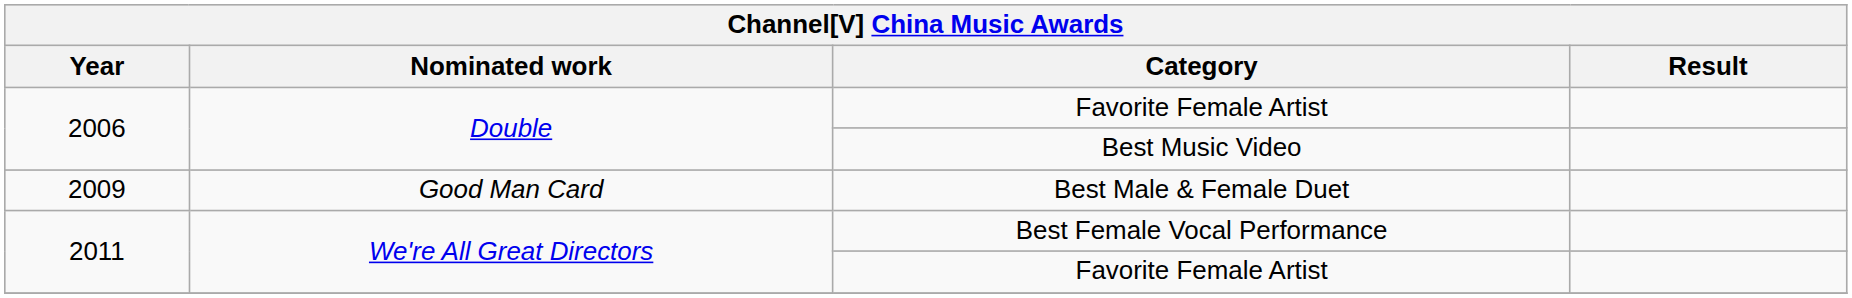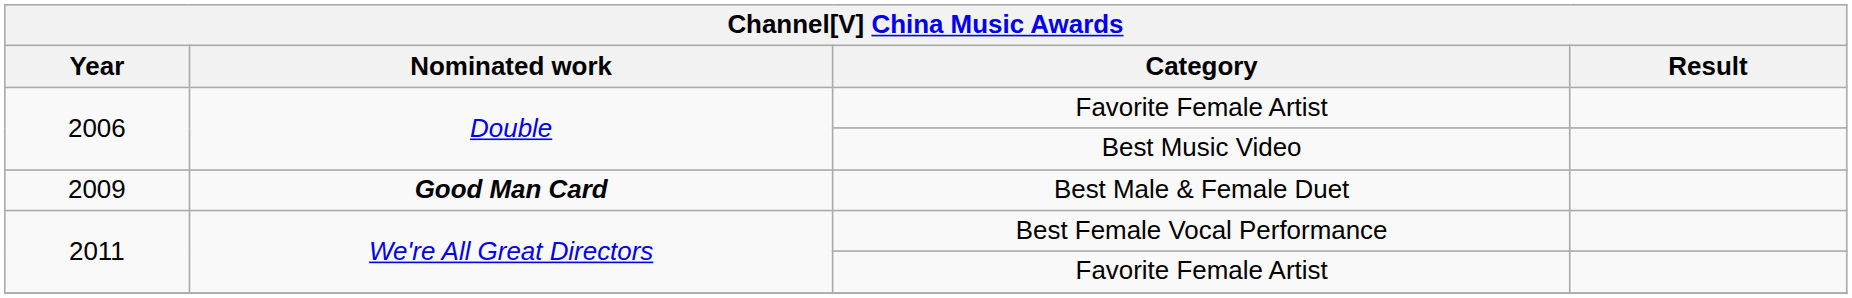 <table width="90%" class="wikitable">
 <tr>
 <th colspan="4" align="center">Channel[V] <a href='#'>China Music Awards</a></th>
 </tr>
 <tr>
 <th width="10%">Year</th>
 <th width="35%">Nominated work</th>
 <th width="40%">Category</th>
 <th width="15%">Result</th>
 </tr>
 <tr>
 <td align="center" rowspan=2>2006</td>
 <td align="center" rowspan=2><em><a href='#'>Double</a></em></td>
 <td align="center">Favorite Female Artist</td>
 <td></td>
 </tr>
 <tr>
 <td align="center">Best Music Video</td>
 <td></td>
 </tr>
 <tr>
 <td align="center">2009</td>
-<td align="center"><em>Good Man Card</em></td>
+<td align="center"><strong><em>Good Man Card</em></strong></td>
 <td align="center">Best Male & Female Duet</td>
 <td></td>
 </tr>
 <tr>
 <td align="center" rowspan=2>2011</td>
 <td align="center" rowspan=2><em><a href='#'>We're All Great Directors</a></em></td>
 <td align="center">Best Female Vocal Performance</td>
 <td></td>
 </tr>
 <tr>
 <td align="center">Favorite Female Artist</td>
 <td></td>
 </tr>
 <tr>
 </tr>
 </table>
